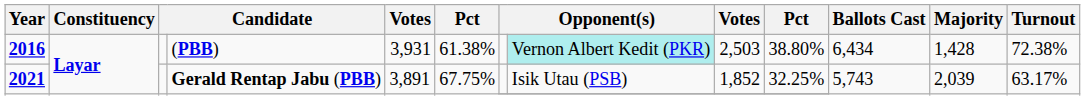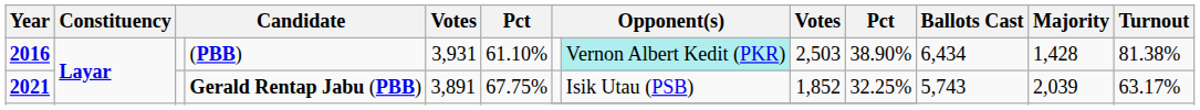 <table class="wikitable" style="margin:0.5em ; font-size:95%">
 <tr>
 <th>Year</th>
 <th>Constituency</th>
 <th colspan=2>Candidate</th>
 <th>Votes</th>
 <th>Pct</th>
 <th colspan=2>Opponent(s)</th>
 <th>Votes</th>
 <th>Pct</th>
 <th>Ballots Cast</th>
 <th>Majority</th>
 <th>Turnout</th>
 </tr>
 <tr>
 <td rowspan="1"><strong><a href='#'>2016</a></strong></td>
 <td rowspan="12"><strong><a href='#'>Layar</a></strong></td>
 <td rowspan="1" ></td>
 <td rowspan="1"> (<a href='#'><strong>PBB</strong></a>)</td>
 <td rowspan="1" style="text-align:right;">3,931</td>
-<td rowspan="1" style="text-align:right;">61.38%</td>
+<td rowspan="1" style="text-align:right;">61.10%</td>
 <td></td>
 <td style="background: paleturquoise;">Vernon Albert Kedit (<a href='#'>PKR</a>)</td>
 <td style="text-align:right;">2,503</td>
-<td style="text-align:right;">38.80%</td>
+<td style="text-align:right;">38.90%</td>
 <td rowspan="1">6,434</td>
 <td rowspan="1">1,428</td>
-<td rowspan="1">72.38%</td>
+<td rowspan="1">81.38%</td>
 </tr>
 <tr>
 <td rowspan="2"><a href='#'><strong>2021</strong></a></td>
 <td rowspan="2" ></td>
 <td rowspan="2"><strong>Gerald Rentap Jabu</strong> (<a href='#'><strong>PBB</strong></a>)</td>
 <td rowspan="2">3,891</td>
 <td rowspan="2">67.75%</td>
 <td></td>
 <td>Isik Utau (<a href='#'>PSB</a>)</td>
 <td style="text-align:right;">1,852</td>
 <td style="text-align:right;">32.25%</td>
 <td rowspan="2">5,743</td>
 <td rowspan="2">2,039</td>
 <td rowspan="2">63.17%</td>
 </tr>
 <tr>
 </tr>
 </table>
